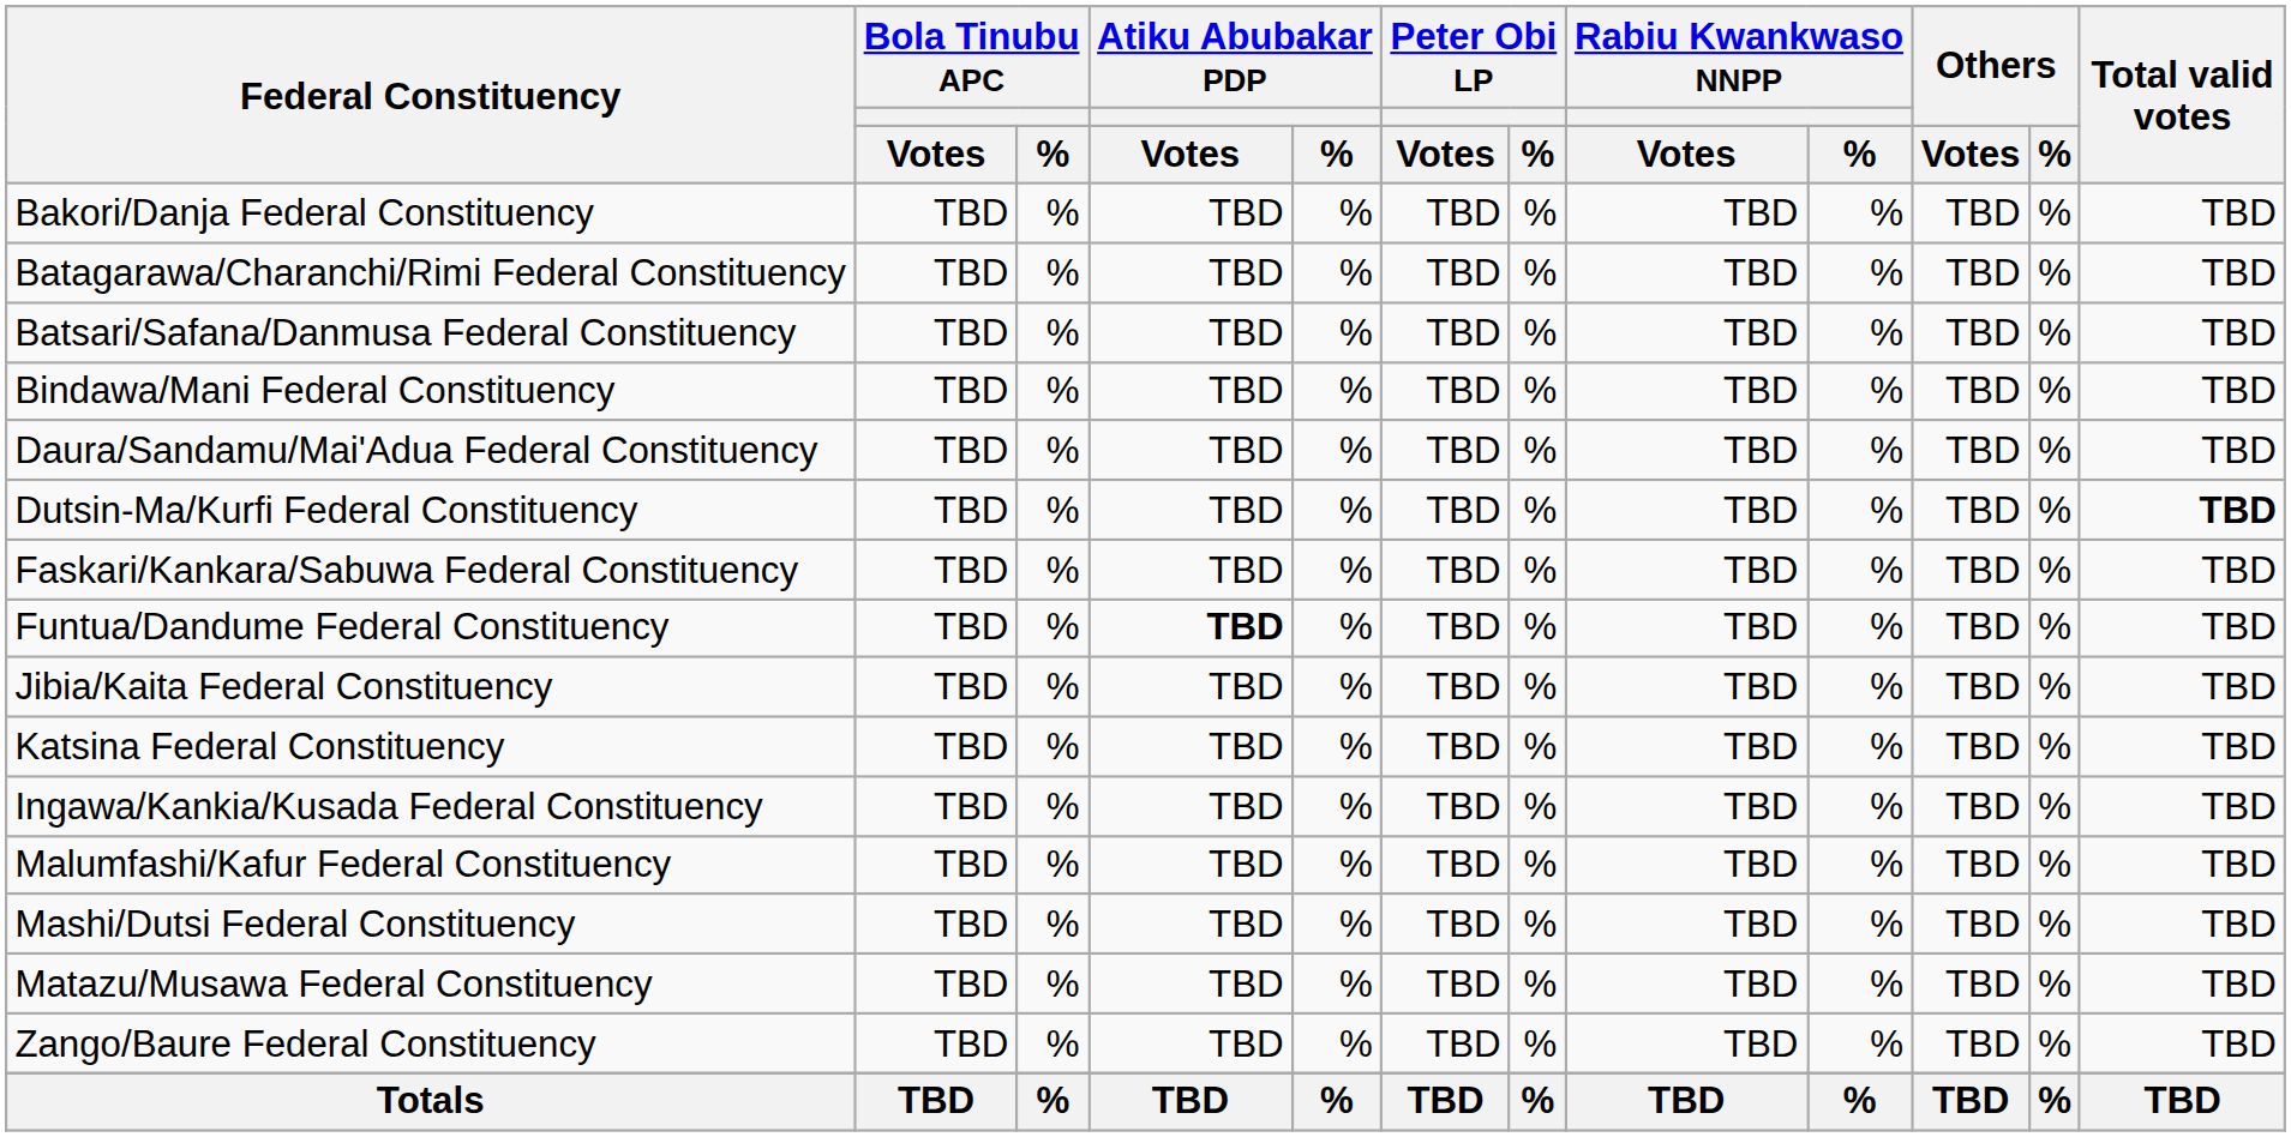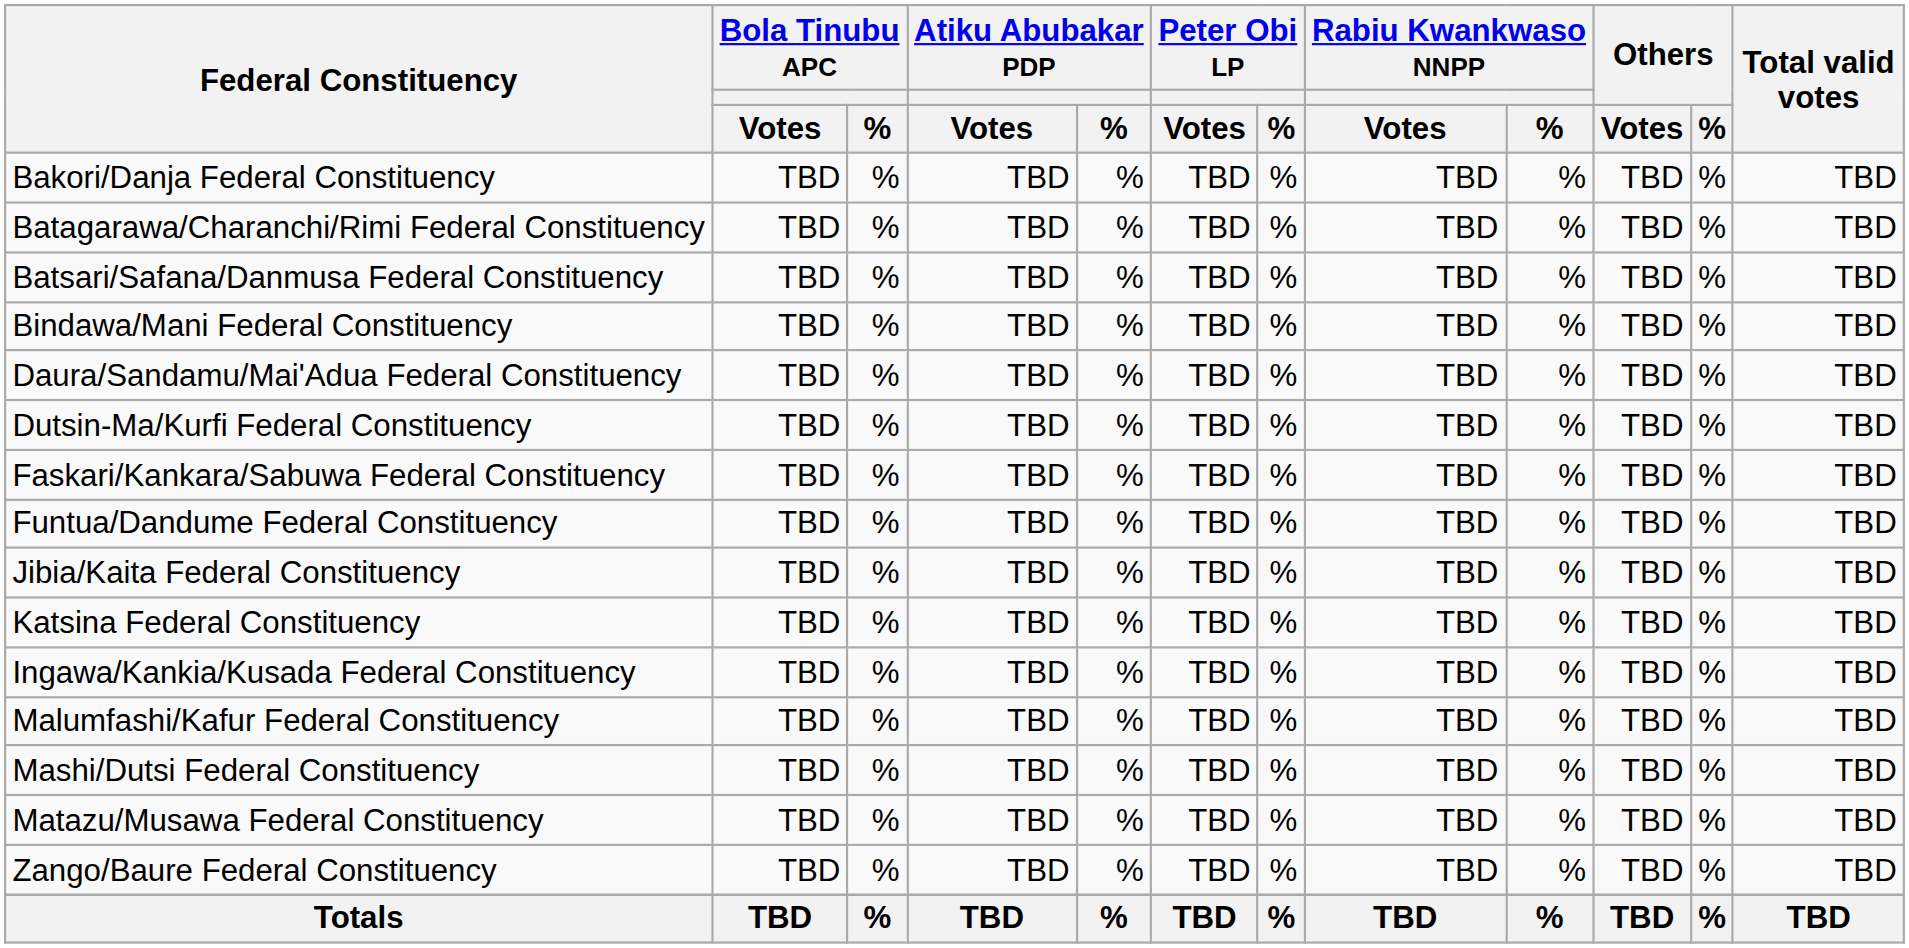 <table class="wikitable sortable" style="text-align:right; font-size:90%">
 <tr>
 <th rowspan="3" style="max-width:7.5em;">Federal Constituency</th>
 <th colspan="2"><a href='#'>Bola Tinubu</a><br><small>APC</small></th>
 <th colspan="2"><a href='#'>Atiku Abubakar</a><br><small>PDP</small></th>
 <th colspan="2"><a href='#'>Peter Obi</a><br><small>LP</small></th>
 <th colspan="2"><a href='#'>Rabiu Kwankwaso</a><br><small>NNPP</small></th>
 <th colspan="2" rowspan="2">Others</th>
 <th rowspan="3" style="max-width:5em;">Total valid votes</th>
 </tr>
 <tr>
 <th colspan=2 style="background-color:"></th>
 <th colspan=2 style="background-color:"></th>
 <th colspan=2 style="background-color:"></th>
 <th colspan=2 style="background-color:"></th>
 </tr>
 <tr>
 <th>Votes</th>
 <th>%</th>
 <th>Votes</th>
 <th>%</th>
 <th>Votes</th>
 <th>%</th>
 <th>Votes</th>
 <th>%</th>
 <th>Votes</th>
 <th>%</th>
 </tr>
 <tr style="background-color:#">
 <td style="text-align:left;">Bakori/Danja Federal Constituency</td>
 <td>TBD</td>
 <td>%</td>
 <td>TBD</td>
 <td>%</td>
 <td>TBD</td>
 <td>%</td>
 <td>TBD</td>
 <td>%</td>
 <td>TBD</td>
 <td>%</td>
 <td>TBD</td>
 </tr>
 <tr style="background-color:#">
 <td style="text-align:left;">Batagarawa/Charanchi/Rimi Federal Constituency</td>
 <td>TBD</td>
 <td>%</td>
 <td>TBD</td>
 <td>%</td>
 <td>TBD</td>
 <td>%</td>
 <td>TBD</td>
 <td>%</td>
 <td>TBD</td>
 <td>%</td>
 <td>TBD</td>
 </tr>
 <tr style="background-color:#">
 <td style="text-align:left;">Batsari/Safana/Danmusa Federal Constituency</td>
 <td>TBD</td>
 <td>%</td>
 <td>TBD</td>
 <td>%</td>
 <td>TBD</td>
 <td>%</td>
 <td>TBD</td>
 <td>%</td>
 <td>TBD</td>
 <td>%</td>
 <td>TBD</td>
 </tr>
 <tr style="background-color:#">
 <td style="text-align:left;">Bindawa/Mani Federal Constituency</td>
 <td>TBD</td>
 <td>%</td>
 <td>TBD</td>
 <td>%</td>
 <td>TBD</td>
 <td>%</td>
 <td>TBD</td>
 <td>%</td>
 <td>TBD</td>
 <td>%</td>
 <td>TBD</td>
 </tr>
 <tr style="background-color:#">
 <td style="text-align:left;">Daura/Sandamu/Mai'Adua Federal Constituency</td>
 <td>TBD</td>
 <td>%</td>
 <td>TBD</td>
 <td>%</td>
 <td>TBD</td>
 <td>%</td>
 <td>TBD</td>
 <td>%</td>
 <td>TBD</td>
 <td>%</td>
 <td>TBD</td>
 </tr>
 <tr style="background-color:#">
 <td style="text-align:left;">Dutsin-Ma/Kurfi Federal Constituency</td>
 <td>TBD</td>
 <td>%</td>
 <td>TBD</td>
 <td>%</td>
 <td>TBD</td>
 <td>%</td>
 <td>TBD</td>
 <td>%</td>
 <td>TBD</td>
 <td>%</td>
-<td><strong>TBD</strong></td>
+<td>TBD</td>
 </tr>
 <tr style="background-color:#">
 <td style="text-align:left;">Faskari/Kankara/Sabuwa Federal Constituency</td>
 <td>TBD</td>
 <td>%</td>
 <td>TBD</td>
 <td>%</td>
 <td>TBD</td>
 <td>%</td>
 <td>TBD</td>
 <td>%</td>
 <td>TBD</td>
 <td>%</td>
 <td>TBD</td>
 </tr>
 <tr style="background-color:#">
 <td style="text-align:left;">Funtua/Dandume Federal Constituency</td>
 <td>TBD</td>
 <td>%</td>
-<td><strong>TBD</strong></td>
+<td>TBD</td>
 <td>%</td>
 <td>TBD</td>
 <td>%</td>
 <td>TBD</td>
 <td>%</td>
 <td>TBD</td>
 <td>%</td>
 <td>TBD</td>
 </tr>
 <tr style="background-color:#">
 <td style="text-align:left;">Jibia/Kaita Federal Constituency</td>
 <td>TBD</td>
 <td>%</td>
 <td>TBD</td>
 <td>%</td>
 <td>TBD</td>
 <td>%</td>
 <td>TBD</td>
 <td>%</td>
 <td>TBD</td>
 <td>%</td>
 <td>TBD</td>
 </tr>
 <tr style="background-color:#">
 <td style="text-align:left;">Katsina Federal Constituency</td>
 <td>TBD</td>
 <td>%</td>
 <td>TBD</td>
 <td>%</td>
 <td>TBD</td>
 <td>%</td>
 <td>TBD</td>
 <td>%</td>
 <td>TBD</td>
 <td>%</td>
 <td>TBD</td>
 </tr>
 <tr style="background-color:#">
 <td style="text-align:left;">Ingawa/Kankia/Kusada Federal Constituency</td>
 <td>TBD</td>
 <td>%</td>
 <td>TBD</td>
 <td>%</td>
 <td>TBD</td>
 <td>%</td>
 <td>TBD</td>
 <td>%</td>
 <td>TBD</td>
 <td>%</td>
 <td>TBD</td>
 </tr>
 <tr style="background-color:#">
 <td style="text-align:left;">Malumfashi/Kafur Federal Constituency</td>
 <td>TBD</td>
 <td>%</td>
 <td>TBD</td>
 <td>%</td>
 <td>TBD</td>
 <td>%</td>
 <td>TBD</td>
 <td>%</td>
 <td>TBD</td>
 <td>%</td>
 <td>TBD</td>
 </tr>
 <tr style="background-color:#">
 <td style="text-align:left;">Mashi/Dutsi Federal Constituency</td>
 <td>TBD</td>
 <td>%</td>
 <td>TBD</td>
 <td>%</td>
 <td>TBD</td>
 <td>%</td>
 <td>TBD</td>
 <td>%</td>
 <td>TBD</td>
 <td>%</td>
 <td>TBD</td>
 </tr>
 <tr style="background-color:#">
 <td style="text-align:left;">Matazu/Musawa Federal Constituency</td>
 <td>TBD</td>
 <td>%</td>
 <td>TBD</td>
 <td>%</td>
 <td>TBD</td>
 <td>%</td>
 <td>TBD</td>
 <td>%</td>
 <td>TBD</td>
 <td>%</td>
 <td>TBD</td>
 </tr>
 <tr style="background-color:#">
 <td style="text-align:left;">Zango/Baure Federal Constituency</td>
 <td>TBD</td>
 <td>%</td>
 <td>TBD</td>
 <td>%</td>
 <td>TBD</td>
 <td>%</td>
 <td>TBD</td>
 <td>%</td>
 <td>TBD</td>
 <td>%</td>
 <td>TBD</td>
 </tr>
 <tr>
 </tr>
 <tr>
 <th>Totals</th>
 <th>TBD</th>
 <th>%</th>
 <th>TBD</th>
 <th>%</th>
 <th>TBD</th>
 <th>%</th>
 <th>TBD</th>
 <th>%</th>
 <th>TBD</th>
 <th>%</th>
 <th>TBD</th>
 </tr>
 </table>
